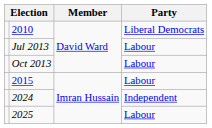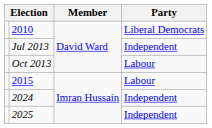 <table class="wikitable">
 <tr>
 <th colspan=2>Election</th>
 <th>Member</th>
 <th>Party</th>
 </tr>
 <tr>
 <td style="color:inherit;background-color: "></td>
 <td><a href='#'>2010</a></td>
 <td rowspan=3><a href='#'>David Ward</a></td>
 <td><a href='#'>Liberal Democrats</a></td>
 </tr>
 <tr>
 <td style="color:inherit;background-color: "></td>
 <td><em>Jul 2013</em></td>
-<td><a href='#'>Labour</a></td>
+<td><a href='#'>Independent</a></td>
 </tr>
 <tr>
 <td style="color:inherit;background-color: "></td>
 <td><em>Oct 2013</em></td>
 <td><a href='#'>Labour</a></td>
 </tr>
 <tr>
 <td style="color:inherit;background-color: "></td>
 <td><a href='#'>2015</a></td>
 <td rowspan="3"><a href='#'>Imran Hussain</a></td>
 <td><a href='#'>Labour</a></td>
 </tr>
 <tr>
 <td style="color:inherit;background-color: "></td>
 <td><em>2024</em></td>
 <td><a href='#'>Independent</a></td>
 </tr>
 <tr>
 <td style="color:inherit;background-color: "></td>
 <td><em>2025</em></td>
-<td><a href='#'>Labour</a></td>
+<td><a href='#'>Independent</a></td>
 </tr>
 </table>
